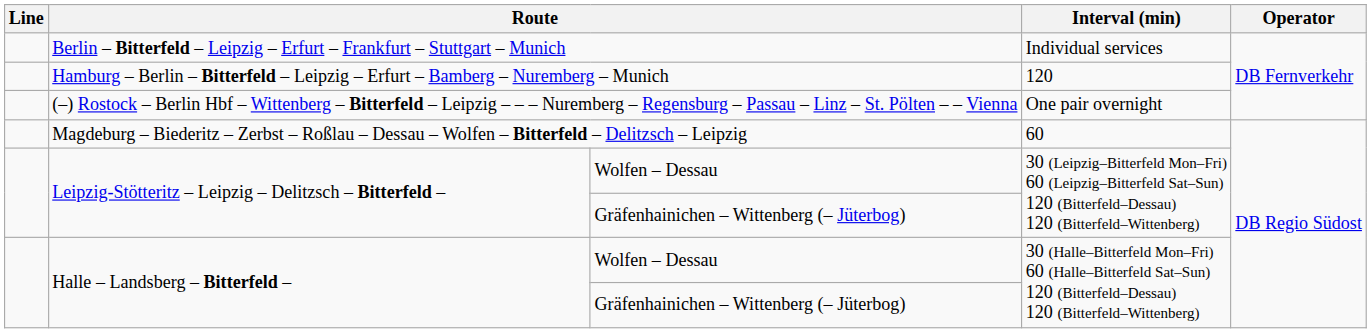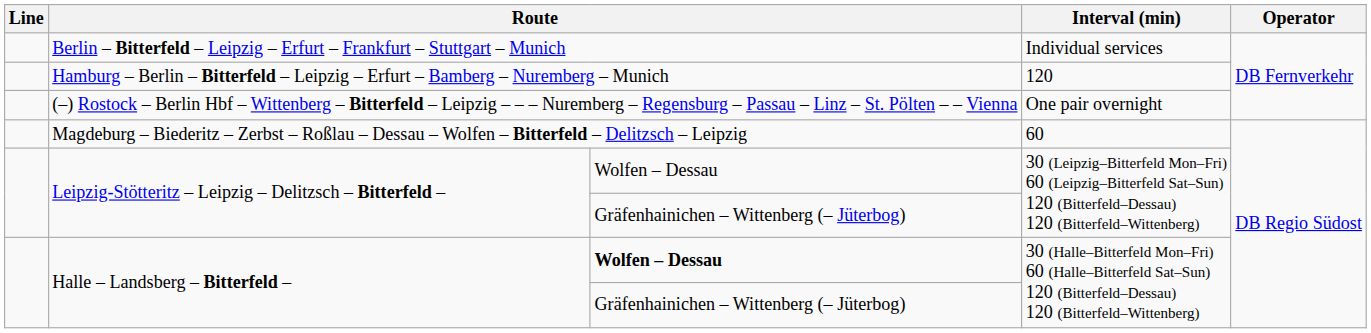 <table class="wikitable">
 <tr>
 <th>Line</th>
 <th colspan="2">Route</th>
 <th>Interval (min)</th>
 <th>Operator</th>
 </tr>
 <tr>
 <td align="center"></td>
 <td colspan="2"><a href='#'>Berlin</a> – <strong>Bitterfeld</strong> – <a href='#'>Leipzig</a> – <a href='#'>Erfurt</a> – <a href='#'>Frankfurt</a> – <a href='#'>Stuttgart</a> – <a href='#'>Munich</a></td>
 <td>Individual services</td>
 <td rowspan="3"><a href='#'>DB Fernverkehr</a></td>
 </tr>
 <tr>
 <td align="center"></td>
 <td colspan="2"><a href='#'>Hamburg</a> – Berlin – <strong>Bitterfeld</strong> – Leipzig – Erfurt – <a href='#'>Bamberg</a>  – <a href='#'>Nuremberg</a> – Munich</td>
 <td>120</td>
 </tr>
 <tr>
 <td align="center"></td>
 <td colspan="2">(–) <a href='#'>Rostock</a> – Berlin Hbf – <a href='#'>Wittenberg</a> – <strong>Bitterfeld</strong> – Leipzig –  –  – Nuremberg – <a href='#'>Regensburg</a> – <a href='#'>Passau</a> – <a href='#'>Linz</a> – <a href='#'>St. Pölten</a> –  – <a href='#'>Vienna</a></td>
 <td>One pair overnight</td>
 </tr>
 <tr>
 <td align="center"></td>
 <td colspan="2">Magdeburg – Biederitz – Zerbst – Roßlau – Dessau – Wolfen – <strong>Bitterfeld</strong> – <a href='#'>Delitzsch</a> – Leipzig</td>
 <td>60</td>
 <td rowspan="5"><a href='#'>DB Regio Südost</a></td>
 </tr>
 <tr>
 <td align="center" rowspan="2"></td>
 <td rowspan="2" colspan="1"><a href='#'>Leipzig-Stötteritz</a> – Leipzig – Delitzsch – <strong>Bitterfeld</strong> –</td>
 <td>Wolfen – Dessau</td>
 <td rowspan="2" colspan="1">30 <small>(Leipzig–Bitterfeld Mon–Fri)</small><br>60 <small>(Leipzig–Bitterfeld Sat–Sun)</small><br>120 <small>(Bitterfeld–Dessau)</small><br>120 <small>(Bitterfeld–Wittenberg)</small></td>
 </tr>
 <tr>
 <td>Gräfenhainichen – Wittenberg (– <a href='#'>Jüterbog</a>)</td>
 </tr>
 <tr>
 <td align="center" rowspan="2"></td>
 <td rowspan="2" colspan="1">Halle – Landsberg – <strong>Bitterfeld</strong> –</td>
-<td>Wolfen – Dessau</td>
+<td><strong>Wolfen – Dessau</strong></td>
 <td rowspan="2" colspan="1">30 <small>(Halle–Bitterfeld Mon–Fri)</small><br>60 <small>(Halle–Bitterfeld Sat–Sun)</small><br>120 <small>(Bitterfeld–Dessau)</small><br>120 <small>(Bitterfeld–Wittenberg)</small></td>
 </tr>
 <tr>
 <td>Gräfenhainichen – Wittenberg (– Jüterbog)</td>
 </tr>
 </table>
